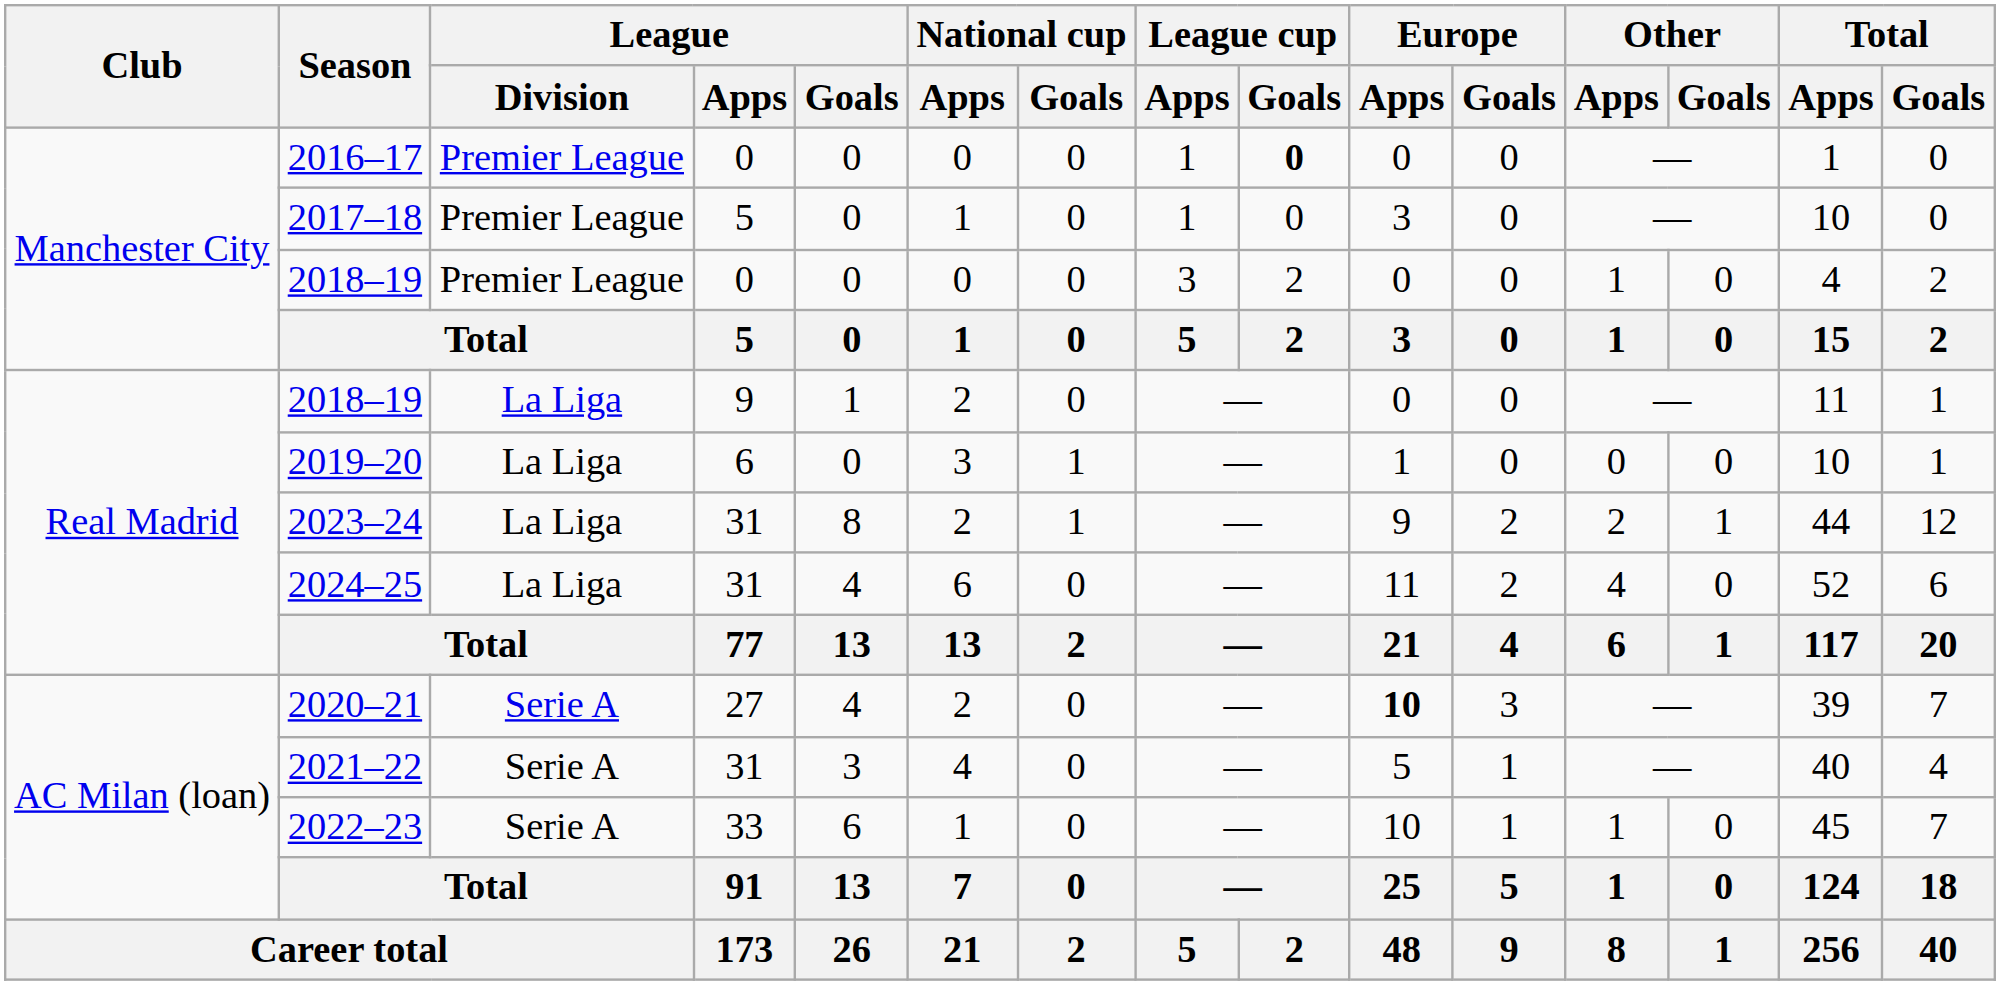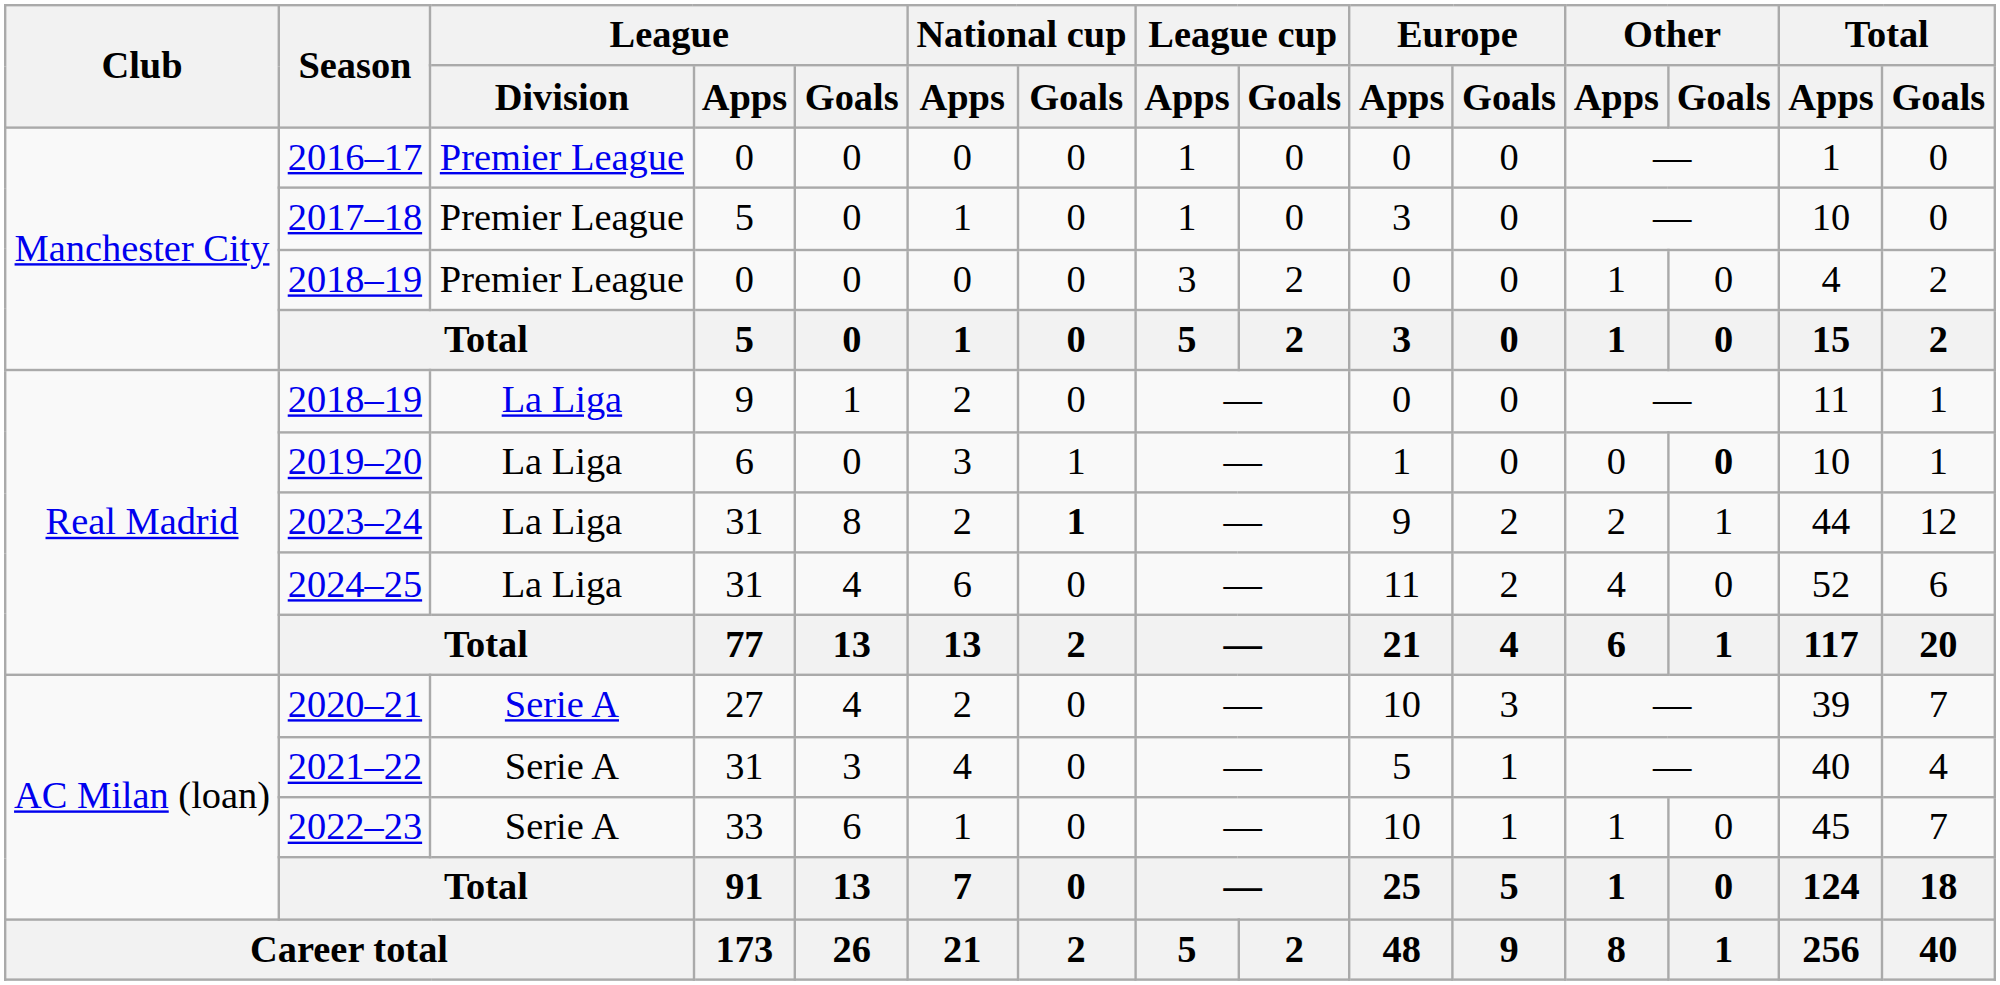 <table class=wikitable style=text-align:center>
 <tr>
 <th rowspan=2>Club</th>
 <th rowspan=2>Season</th>
 <th colspan=3>League</th>
 <th colspan=2>National cup</th>
 <th colspan=2>League cup</th>
 <th colspan=2>Europe</th>
 <th colspan=2>Other</th>
 <th colspan=2>Total</th>
 </tr>
 <tr>
 <th>Division</th>
 <th>Apps</th>
 <th>Goals</th>
 <th>Apps</th>
 <th>Goals</th>
 <th>Apps</th>
 <th>Goals</th>
 <th>Apps</th>
 <th>Goals</th>
 <th>Apps</th>
 <th>Goals</th>
 <th>Apps</th>
 <th>Goals</th>
 </tr>
 <tr>
 <td rowspan=4><a href='#'>Manchester City</a></td>
 <td><a href='#'>2016–17</a></td>
 <td><a href='#'>Premier League</a></td>
 <td>0</td>
 <td>0</td>
 <td>0</td>
 <td>0</td>
 <td>1</td>
-<td><strong>0</strong></td>
+<td>0</td>
 <td>0</td>
 <td>0</td>
 <td colspan=2>—</td>
 <td>1</td>
 <td>0</td>
 </tr>
 <tr>
 <td><a href='#'>2017–18</a></td>
 <td>Premier League</td>
 <td>5</td>
 <td>0</td>
 <td>1</td>
 <td>0</td>
 <td>1</td>
 <td>0</td>
 <td>3</td>
 <td>0</td>
 <td colspan=2>—</td>
 <td>10</td>
 <td>0</td>
 </tr>
 <tr>
 <td><a href='#'>2018–19</a></td>
 <td>Premier League</td>
 <td>0</td>
 <td>0</td>
 <td>0</td>
 <td>0</td>
 <td>3</td>
 <td>2</td>
 <td>0</td>
 <td>0</td>
 <td>1</td>
 <td>0</td>
 <td>4</td>
 <td>2</td>
 </tr>
 <tr>
 <th colspan=2>Total</th>
 <th>5</th>
 <th>0</th>
 <th>1</th>
 <th>0</th>
 <th>5</th>
 <th>2</th>
 <th>3</th>
 <th>0</th>
 <th>1</th>
 <th>0</th>
 <th>15</th>
 <th>2</th>
 </tr>
 <tr>
 <td rowspan=5><a href='#'>Real Madrid</a></td>
 <td><a href='#'>2018–19</a></td>
 <td><a href='#'>La Liga</a></td>
 <td>9</td>
 <td>1</td>
 <td>2</td>
 <td>0</td>
 <td colspan=2>—</td>
 <td>0</td>
 <td>0</td>
 <td colspan=2>—</td>
 <td>11</td>
 <td>1</td>
 </tr>
 <tr>
 <td><a href='#'>2019–20</a></td>
 <td>La Liga</td>
 <td>6</td>
 <td>0</td>
 <td>3</td>
 <td>1</td>
 <td colspan=2>—</td>
 <td>1</td>
 <td>0</td>
 <td>0</td>
-<td>0</td>
+<td><strong>0</strong></td>
 <td>10</td>
 <td>1</td>
 </tr>
 <tr>
 <td><a href='#'>2023–24</a></td>
 <td>La Liga</td>
 <td>31</td>
 <td>8</td>
 <td>2</td>
-<td>1</td>
+<td><strong>1</strong></td>
 <td colspan=2>—</td>
 <td>9</td>
 <td>2</td>
 <td>2</td>
 <td>1</td>
 <td>44</td>
 <td>12</td>
 </tr>
 <tr>
 <td><a href='#'>2024–25</a></td>
 <td>La Liga</td>
 <td>31</td>
 <td>4</td>
 <td>6</td>
 <td>0</td>
 <td colspan=2>—</td>
 <td>11</td>
 <td>2</td>
 <td>4</td>
 <td>0</td>
 <td>52</td>
 <td>6</td>
 </tr>
 <tr>
 <th colspan=2>Total</th>
 <th>77</th>
 <th>13</th>
 <th>13</th>
 <th>2</th>
 <th colspan=2>—</th>
 <th>21</th>
 <th>4</th>
 <th>6</th>
 <th>1</th>
 <th>117</th>
 <th>20</th>
 </tr>
 <tr>
 <td rowspan=4><a href='#'>AC Milan</a> (loan)</td>
 <td><a href='#'>2020–21</a></td>
 <td><a href='#'>Serie A</a></td>
 <td>27</td>
 <td>4</td>
 <td>2</td>
 <td>0</td>
 <td colspan=2>—</td>
-<td><strong>10</strong></td>
+<td>10</td>
 <td>3</td>
 <td colspan=2>—</td>
 <td>39</td>
 <td>7</td>
 </tr>
 <tr>
 <td><a href='#'>2021–22</a></td>
 <td>Serie A</td>
 <td>31</td>
 <td>3</td>
 <td>4</td>
 <td>0</td>
 <td colspan=2>—</td>
 <td>5</td>
 <td>1</td>
 <td colspan=2>—</td>
 <td>40</td>
 <td>4</td>
 </tr>
 <tr>
 <td><a href='#'>2022–23</a></td>
 <td>Serie A</td>
 <td>33</td>
 <td>6</td>
 <td>1</td>
 <td>0</td>
 <td colspan=2>—</td>
 <td>10</td>
 <td>1</td>
 <td>1</td>
 <td>0</td>
 <td>45</td>
 <td>7</td>
 </tr>
 <tr>
 <th colspan=2>Total</th>
 <th>91</th>
 <th>13</th>
 <th>7</th>
 <th>0</th>
 <th colspan=2>—</th>
 <th>25</th>
 <th>5</th>
 <th>1</th>
 <th>0</th>
 <th>124</th>
 <th>18</th>
 </tr>
 <tr>
 <th colspan=3>Career total</th>
 <th>173</th>
 <th>26</th>
 <th>21</th>
 <th>2</th>
 <th>5</th>
 <th>2</th>
 <th>48</th>
 <th>9</th>
 <th>8</th>
 <th>1</th>
 <th>256</th>
 <th>40</th>
 </tr>
 </table>
